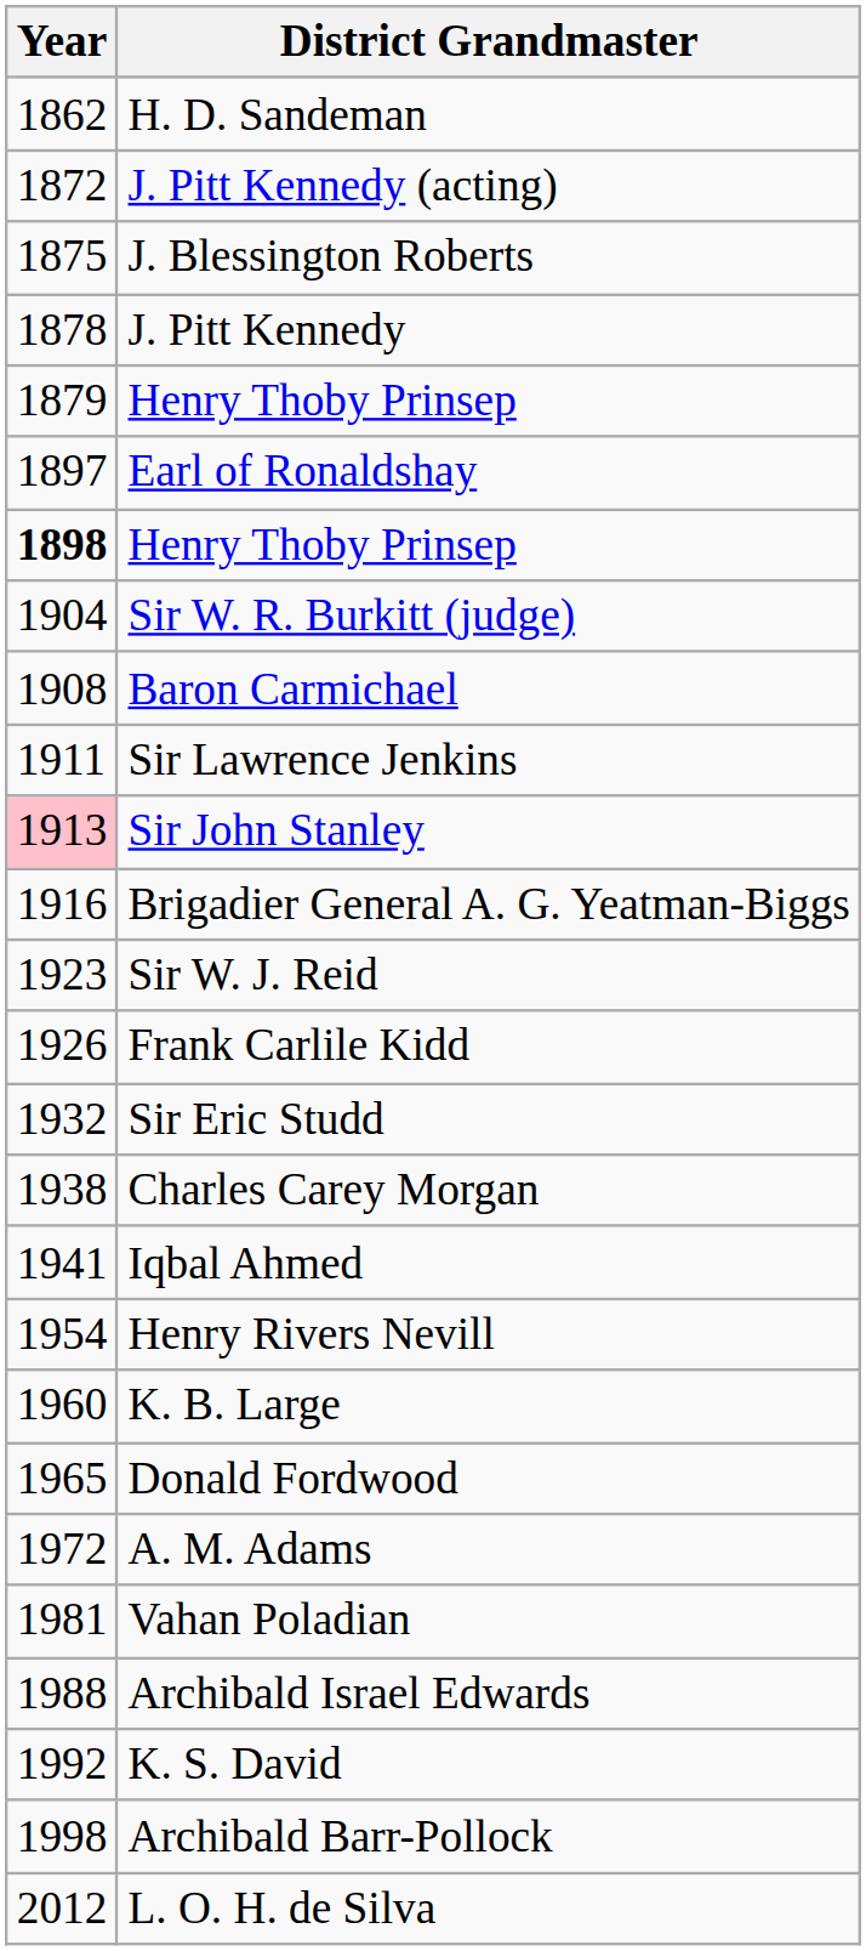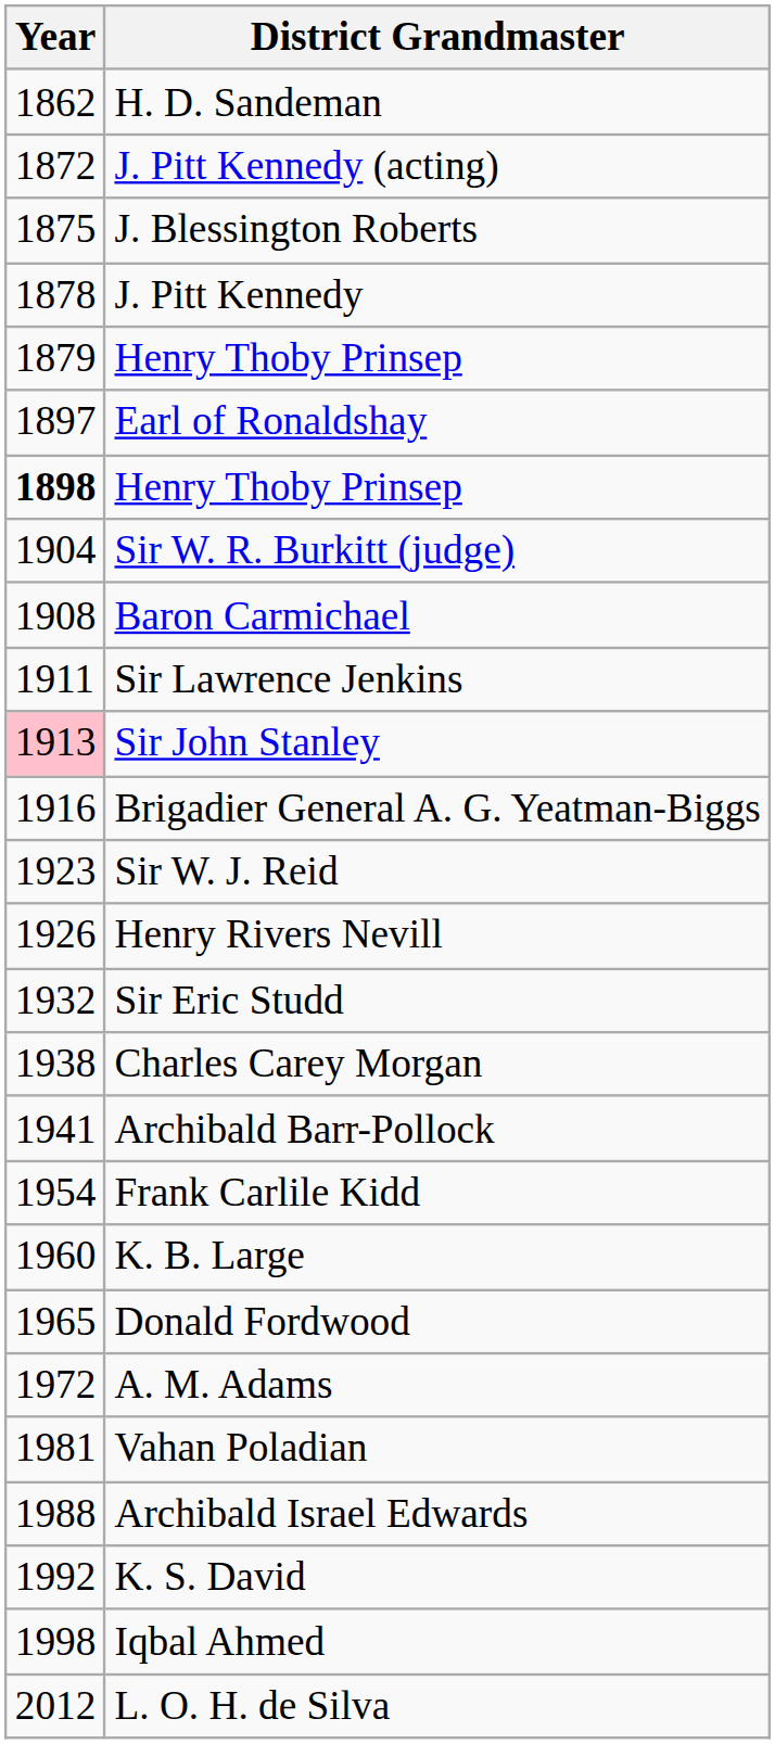 <table class="wikitable">
 <tr>
 <th>Year</th>
 <th>District Grandmaster</th>
 </tr>
 <tr>
 <td>1862</td>
 <td>H. D. Sandeman</td>
 </tr>
 <tr>
 <td>1872</td>
 <td><a href='#'>J. Pitt Kennedy</a> (acting)</td>
 </tr>
 <tr>
 <td>1875</td>
 <td>J. Blessington Roberts</td>
 </tr>
 <tr>
 <td>1878</td>
 <td>J. Pitt Kennedy</td>
 </tr>
 <tr>
 <td>1879</td>
 <td><a href='#'>Henry Thoby Prinsep</a></td>
 </tr>
 <tr>
 <td>1897</td>
 <td><a href='#'>Earl of Ronaldshay</a></td>
 </tr>
 <tr>
 <td><strong>1898</strong></td>
 <td><a href='#'>Henry Thoby Prinsep</a></td>
 </tr>
 <tr>
 <td>1904</td>
 <td><a href='#'>Sir W. R. Burkitt (judge)</a></td>
 </tr>
 <tr>
 <td>1908</td>
 <td><a href='#'>Baron Carmichael</a></td>
 </tr>
 <tr>
 <td>1911</td>
 <td>Sir Lawrence Jenkins</td>
 </tr>
 <tr>
 <td style="background: pink;">1913</td>
 <td><a href='#'>Sir John Stanley</a></td>
 </tr>
 <tr>
 <td>1916</td>
 <td>Brigadier General A. G. Yeatman-Biggs</td>
 </tr>
 <tr>
 <td>1923</td>
 <td>Sir W. J. Reid</td>
 </tr>
 <tr>
 <td>1926</td>
-<td>Frank Carlile Kidd</td>
+<td>Henry Rivers Nevill</td>
 </tr>
 <tr>
 <td>1932</td>
 <td>Sir Eric Studd</td>
 </tr>
 <tr>
 <td>1938</td>
 <td>Charles Carey Morgan</td>
 </tr>
 <tr>
 <td>1941</td>
-<td>Iqbal Ahmed</td>
+<td>Archibald Barr-Pollock</td>
 </tr>
 <tr>
 <td>1954</td>
-<td>Henry Rivers Nevill</td>
+<td>Frank Carlile Kidd</td>
 </tr>
 <tr>
 <td>1960</td>
 <td>K. B. Large</td>
 </tr>
 <tr>
 <td>1965</td>
 <td>Donald Fordwood</td>
 </tr>
 <tr>
 <td>1972</td>
 <td>A. M. Adams</td>
 </tr>
 <tr>
 <td>1981</td>
 <td>Vahan Poladian</td>
 </tr>
 <tr>
 <td>1988</td>
 <td>Archibald Israel Edwards</td>
 </tr>
 <tr>
 <td>1992</td>
 <td>K. S. David</td>
 </tr>
 <tr>
 <td>1998</td>
-<td>Archibald Barr-Pollock</td>
+<td>Iqbal Ahmed</td>
 </tr>
 <tr>
 <td>2012</td>
 <td>L. O. H. de Silva</td>
 </tr>
 </table>
